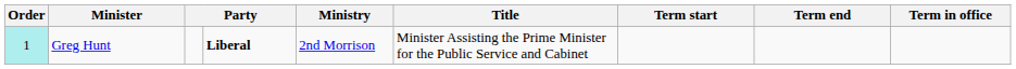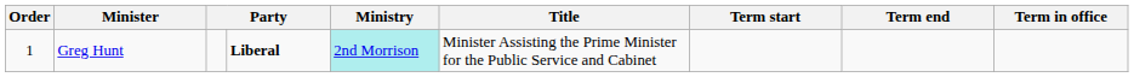 <table class="wikitable">
 <tr>
 <th width=5>Order</th>
 <th width=150>Minister</th>
 <th width=120 colspan=2>Party</th>
 <th width=105>Ministry</th>
 <th width=250>Title</th>
 <th width=150>Term start</th>
 <th width=150>Term end</th>
 <th width=130>Term in office</th>
 </tr>
 <tr>
-<td align=center style="background: paleturquoise;">1</td>
+<td align=center>1</td>
 <td><a href='#'>Greg Hunt</a></td>
 <td> </td>
 <td><strong>Liberal</strong></td>
-<td><a href='#'>2nd Morrison</a></td>
+<td style="background: paleturquoise;"><a href='#'>2nd Morrison</a></td>
 <td>Minister Assisting the Prime Minister for the Public Service and Cabinet</td>
 <td align=center></td>
 <td align=center></td>
 <td align=right></td>
 </tr>
 </table>
